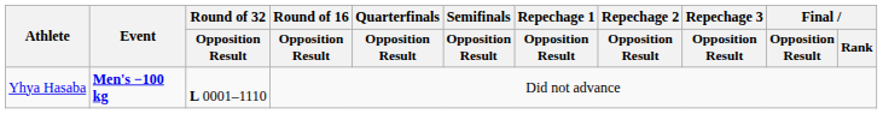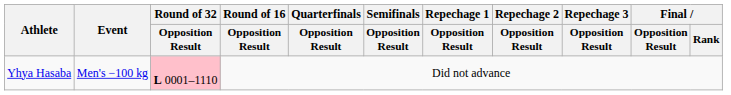 <table class="wikitable" style="font-size:90%">
 <tr>
 <th rowspan="2">Athlete</th>
 <th rowspan="2">Event</th>
 <th>Round of 32</th>
 <th>Round of 16</th>
 <th>Quarterfinals</th>
 <th>Semifinals</th>
 <th>Repechage 1</th>
 <th>Repechage 2</th>
 <th>Repechage 3</th>
 <th colspan=2>Final / </th>
 </tr>
 <tr style="font-size:95%">
 <th>Opposition<br>Result</th>
 <th>Opposition<br>Result</th>
 <th>Opposition<br>Result</th>
 <th>Opposition<br>Result</th>
 <th>Opposition<br>Result</th>
 <th>Opposition<br>Result</th>
 <th>Opposition<br>Result</th>
 <th>Opposition<br>Result</th>
 <th>Rank</th>
 </tr>
 <tr align=center>
 <td align=left><a href='#'>Yhya Hasaba</a></td>
-<td align=left><strong><a href='#'>Men's −100 kg</a></strong></td>
-<td><br><strong>L</strong> 0001–1110</td>
+<td align=left><a href='#'>Men's −100 kg</a></td>
+<td style="background: pink;"><br><strong>L</strong> 0001–1110</td>
 <td colspan=8>Did not advance</td>
 </tr>
 </table>
